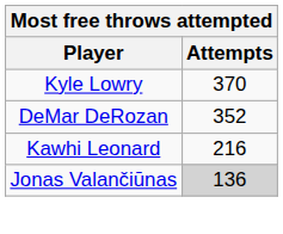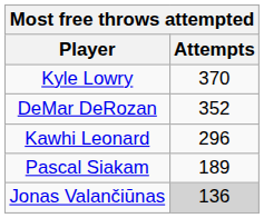 <table class="wikitable sortable" style="text-align:center">
 <tr>
 <th colspan="2">Most free throws attempted</th>
 </tr>
 <tr>
 <th>Player</th>
 <th>Attempts</th>
 </tr>
 <tr>
 <td><a href='#'>Kyle Lowry</a></td>
 <td>370</td>
 </tr>
 <tr>
 <td><a href='#'>DeMar DeRozan</a></td>
 <td>352</td>
 </tr>
 <tr>
 <td><a href='#'>Kawhi Leonard</a></td>
-<td>216</td>
+<td>296</td>
+</tr>
+<tr>
+<td><a href='#'>Pascal Siakam</a></td>
+<td>189</td>
 </tr>
 <tr>
 <td><a href='#'>Jonas Valančiūnas</a></td>
 <td style="background: lightgrey;">136</td>
 </tr>
 </table>
